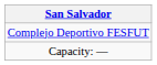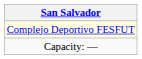 <table class="wikitable">
 <tr>
 <th><a href='#'>San Salvador</a></th>
 </tr>
 <tr align=center>
-<td><a href='#'>Complejo Deportivo FESFUT</a></td>
+<td style="background: lightyellow;"><a href='#'>Complejo Deportivo FESFUT</a></td>
 </tr>
 <tr align=center>
 <td>Capacity: —</td>
 </tr>
 </table>
